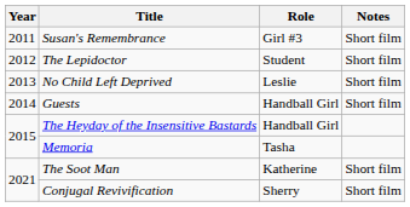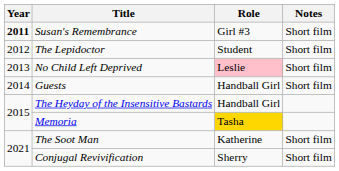 <table class="wikitable">
 <tr>
 <th>Year</th>
 <th>Title</th>
 <th>Role</th>
 <th>Notes</th>
 </tr>
 <tr>
-<td>2011</td>
+<td><strong>2011</strong></td>
 <td><em>Susan's Remembrance</em></td>
 <td>Girl #3</td>
 <td>Short film</td>
 </tr>
 <tr>
 <td>2012</td>
 <td><em>The Lepidoctor</em></td>
 <td>Student</td>
 <td>Short film</td>
 </tr>
 <tr>
 <td>2013</td>
 <td><em>No Child Left Deprived</em></td>
-<td>Leslie</td>
+<td style="background: pink;">Leslie</td>
 <td>Short film</td>
 </tr>
 <tr>
 <td>2014</td>
 <td><em>Guests</em></td>
 <td>Handball Girl</td>
 <td>Short film</td>
 </tr>
 <tr>
 <td rowspan="2">2015</td>
 <td><em><a href='#'>The Heyday of the Insensitive Bastards</a></em></td>
 <td>Handball Girl</td>
 <td></td>
 </tr>
 <tr>
 <td><em><a href='#'>Memoria</a></em></td>
-<td>Tasha</td>
+<td style="background: gold;">Tasha</td>
 <td></td>
 </tr>
 <tr>
 <td rowspan="2">2021</td>
 <td><em>The Soot Man</em></td>
 <td>Katherine</td>
 <td>Short film</td>
 </tr>
 <tr>
 <td><em>Conjugal Revivification</em></td>
 <td>Sherry</td>
 <td>Short film</td>
 </tr>
 </table>
